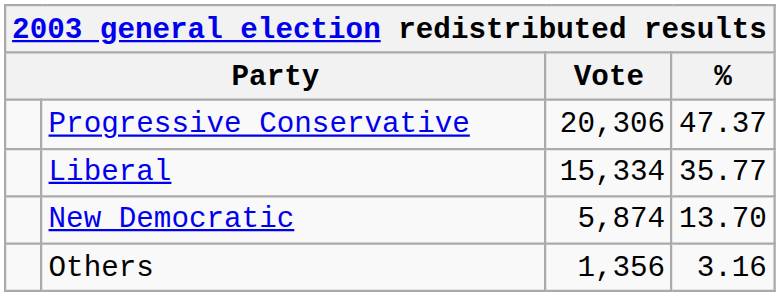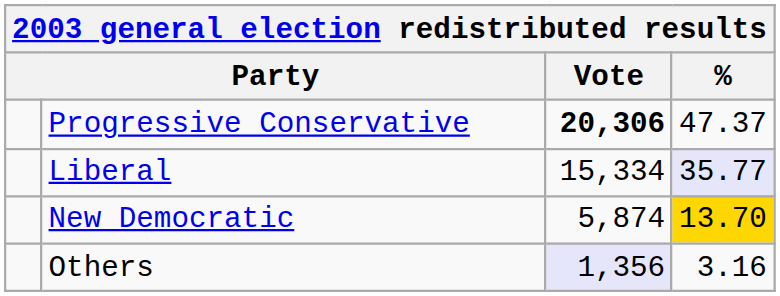 <table class="wikitable">
 <tr>
 <th colspan="4"><a href='#'>2003 general election</a> redistributed results</th>
 </tr>
 <tr>
 <th bgcolor="#DDDDFF" width="130px" colspan="2">Party</th>
 <th bgcolor="#DDDDFF" width="50px">Vote</th>
 <th bgcolor="#DDDDFF" width="30px">%</th>
 </tr>
 <tr>
 <td> </td>
 <td><a href='#'>Progressive Conservative</a></td>
-<td align=right>20,306</td>
+<td align=right><strong>20,306</strong></td>
 <td align=right>47.37</td>
 </tr>
 <tr>
 <td> </td>
 <td><a href='#'>Liberal</a></td>
 <td align=right>15,334</td>
-<td align=right>35.77</td>
+<td align=right style="background: lavender;">35.77</td>
 </tr>
 <tr>
 <td> </td>
 <td><a href='#'>New Democratic</a></td>
 <td align=right>5,874</td>
-<td align=right>13.70</td>
+<td align=right style="background: gold;">13.70</td>
 </tr>
 <tr>
 <td> </td>
 <td>Others</td>
-<td align=right>1,356</td>
+<td align=right style="background: lavender;">1,356</td>
 <td align=right>3.16</td>
 </tr>
 </table>
